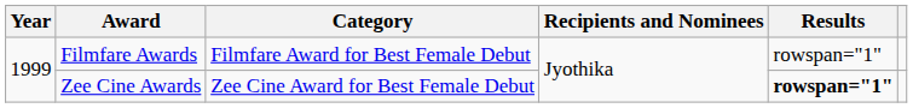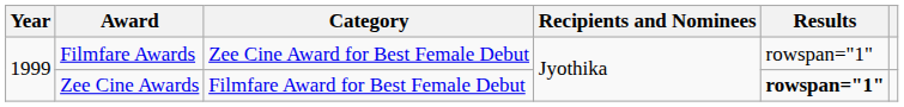 <table class="wikitable plainrowheaders sortable">
 <tr>
 <th>Year</th>
 <th>Award</th>
 <th>Category</th>
 <th>Recipients and Nominees</th>
 <th>Results</th>
 <th></th>
 </tr>
 <tr>
 <td rowspan="2">1999</td>
 <td><a href='#'>Filmfare Awards</a></td>
-<td><a href='#'>Filmfare Award for Best Female Debut</a></td>
+<td><a href='#'>Zee Cine Award for Best Female Debut</a></td>
 <td rowspan="2">Jyothika</td>
 <td>rowspan="1" </td>
 <td></td>
 </tr>
 <tr>
 <td><a href='#'>Zee Cine Awards</a></td>
-<td><a href='#'>Zee Cine Award for Best Female Debut</a></td>
+<td><a href='#'>Filmfare Award for Best Female Debut</a></td>
 <td><strong>rowspan="1" </strong></td>
 <td></td>
 </tr>
 </table>
